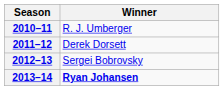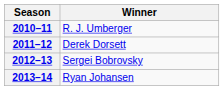 <table class="wikitable">
 <tr>
 <th scope="col" style="width:5em">Season</th>
 <th scope="col" style="width:15em">Winner</th>
 </tr>
 <tr>
 <th scope="row"><a href='#'>2010–11</a></th>
 <td><a href='#'>R. J. Umberger</a></td>
 </tr>
 <tr>
 <th scope="row"><a href='#'>2011–12</a></th>
 <td><a href='#'>Derek Dorsett</a></td>
 </tr>
 <tr>
 <th scope="row"><a href='#'>2012–13</a></th>
 <td><a href='#'>Sergei Bobrovsky</a></td>
 </tr>
 <tr>
 <th scope="row"><a href='#'>2013–14</a></th>
-<td><strong><a href='#'>Ryan Johansen</a></strong></td>
+<td><a href='#'>Ryan Johansen</a></td>
 </tr>
 </table>
